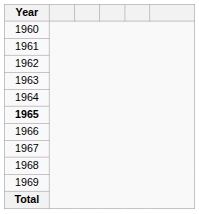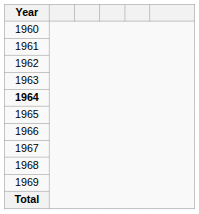 <table class="wikitable" style="text-align: center">
 <tr>
 <th width="60">Year</th>
 <th width="30"></th>
 <th width="30"></th>
 <th width="30"></th>
 <th width="30"></th>
 <th width="60"></th>
 </tr>
 <tr>
 <td>1960<br></td>
 </tr>
 <tr>
 <td>1961<br></td>
 </tr>
 <tr>
 <td>1962<br></td>
 </tr>
 <tr>
 <td>1963<br></td>
 </tr>
 <tr>
-<td>1964<br></td>
+<td><strong>1964<br></strong></td>
 </tr>
 <tr>
-<td><strong>1965<br></strong></td>
+<td>1965<br></td>
 </tr>
 <tr>
 <td>1966<br></td>
 </tr>
 <tr>
 <td>1967<br></td>
 </tr>
 <tr>
 <td>1968<br></td>
 </tr>
 <tr>
 <td>1969<br></td>
 </tr>
 <tr>
 <th>Total<br></th>
 </tr>
 </table>
